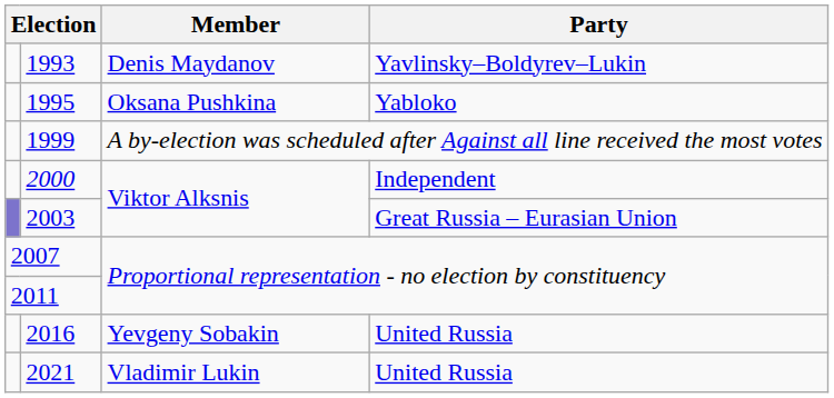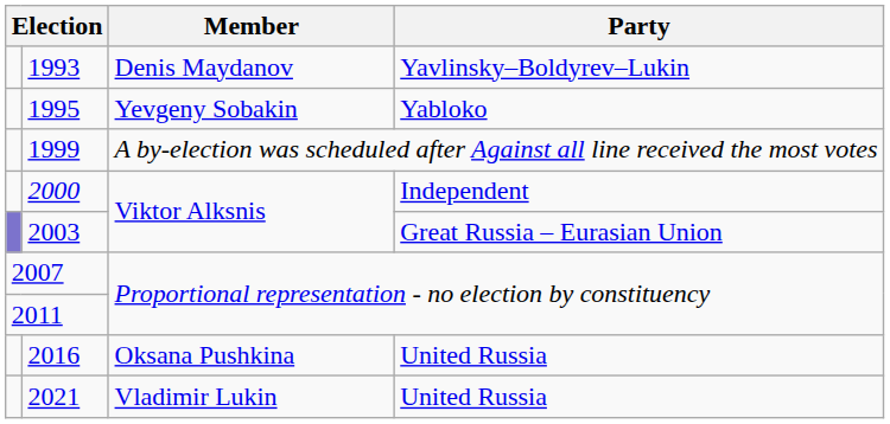 <table class="wikitable">
 <tr>
 <th colspan="2">Election</th>
 <th>Member</th>
 <th>Party</th>
 </tr>
 <tr>
 <td style="background-color:"></td>
 <td><a href='#'>1993</a></td>
 <td><a href='#'>Denis Maydanov</a></td>
 <td><a href='#'>Yavlinsky–Boldyrev–Lukin</a></td>
 </tr>
 <tr>
 <td style="background-color:"></td>
 <td><a href='#'>1995</a></td>
-<td><a href='#'>Oksana Pushkina</a></td>
+<td><a href='#'>Yevgeny Sobakin</a></td>
 <td><a href='#'>Yabloko</a></td>
 </tr>
 <tr>
 <td style="background-color:"></td>
 <td><a href='#'>1999</a></td>
 <td colspan=2><em>A by-election was scheduled after <a href='#'>Against all</a> line received the most votes</em></td>
 </tr>
 <tr>
 <td style="background-color:"></td>
 <td><em><a href='#'>2000</a></em></td>
 <td rowspan=2><a href='#'>Viktor Alksnis</a></td>
 <td><a href='#'>Independent</a></td>
 </tr>
 <tr>
 <td style="background-color:#7C73CC"></td>
 <td><a href='#'>2003</a></td>
 <td><a href='#'>Great Russia – Eurasian Union</a></td>
 </tr>
 <tr>
 <td colspan=2><a href='#'>2007</a></td>
 <td colspan=2 rowspan=2><em><a href='#'>Proportional representation</a> - no election by constituency</em></td>
 </tr>
 <tr>
 <td colspan=2><a href='#'>2011</a></td>
 </tr>
 <tr>
 <td style="background-color:"></td>
 <td><a href='#'>2016</a></td>
-<td><a href='#'>Yevgeny Sobakin</a></td>
+<td><a href='#'>Oksana Pushkina</a></td>
 <td><a href='#'>United Russia</a></td>
 </tr>
 <tr>
 <td style="background-color:"></td>
 <td><a href='#'>2021</a></td>
 <td><a href='#'>Vladimir Lukin</a></td>
 <td><a href='#'>United Russia</a></td>
 </tr>
 </table>
